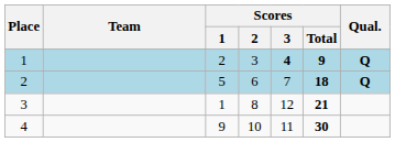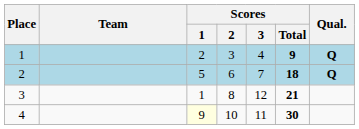 <table class=wikitable style="text-align:center">
 <tr>
 <th width=20 rowspan=2>Place</th>
 <th width=180 rowspan=2>Team</th>
 <th colspan=4>Scores</th>
 <th width=50 rowspan=2>Qual.</th>
 </tr>
 <tr>
 <th width=30>1</th>
 <th width=30>2</th>
 <th width=30>3</th>
 <th>Total</th>
 </tr>
 <tr bgcolor=lightblue>
 <td>1</td>
 <td align=left></td>
 <td>2</td>
 <td>3</td>
-<td><strong>4</strong></td>
+<td>4</td>
 <td><strong>9</strong></td>
 <td><strong>Q</strong></td>
 </tr>
 <tr bgcolor=lightblue>
 <td>2</td>
 <td align=left></td>
 <td>5</td>
 <td>6</td>
 <td>7</td>
 <td><strong>18</strong></td>
 <td><strong>Q</strong></td>
 </tr>
 <tr>
 <td>3</td>
 <td align=left></td>
 <td>1</td>
 <td>8</td>
 <td>12</td>
 <td><strong>21</strong></td>
 <td></td>
 </tr>
 <tr>
 <td>4</td>
 <td align=left></td>
-<td>9</td>
+<td style="background: lightyellow;">9</td>
 <td>10</td>
 <td>11</td>
 <td><strong>30</strong></td>
 <td></td>
 </tr>
 </table>
